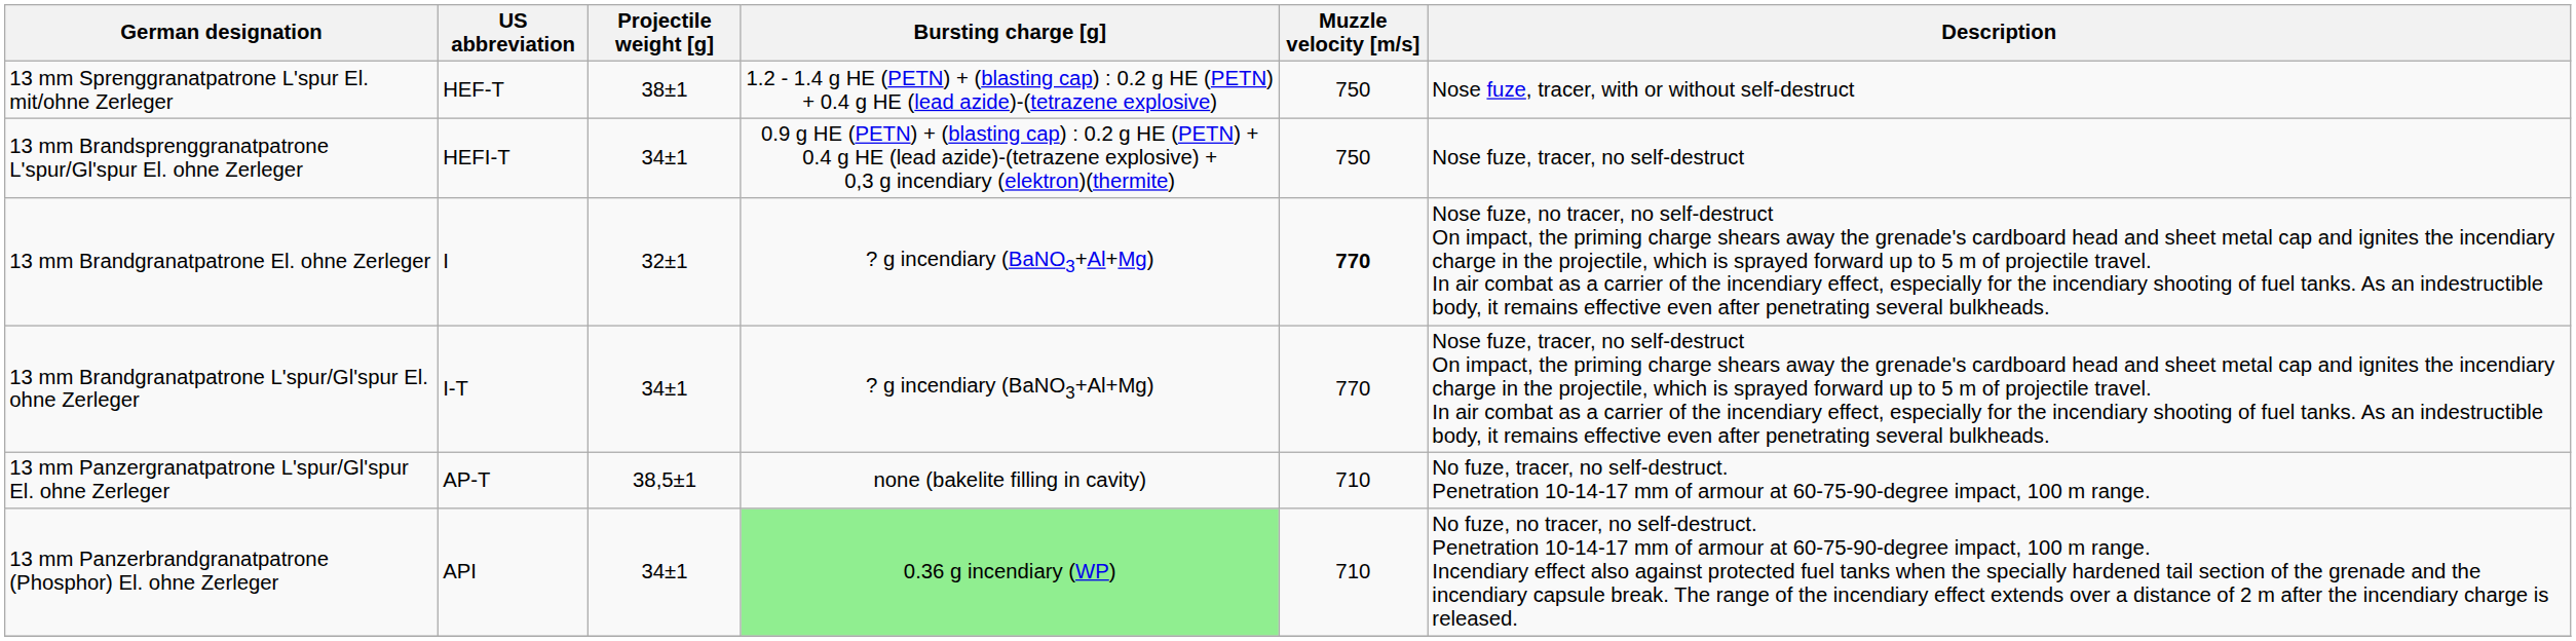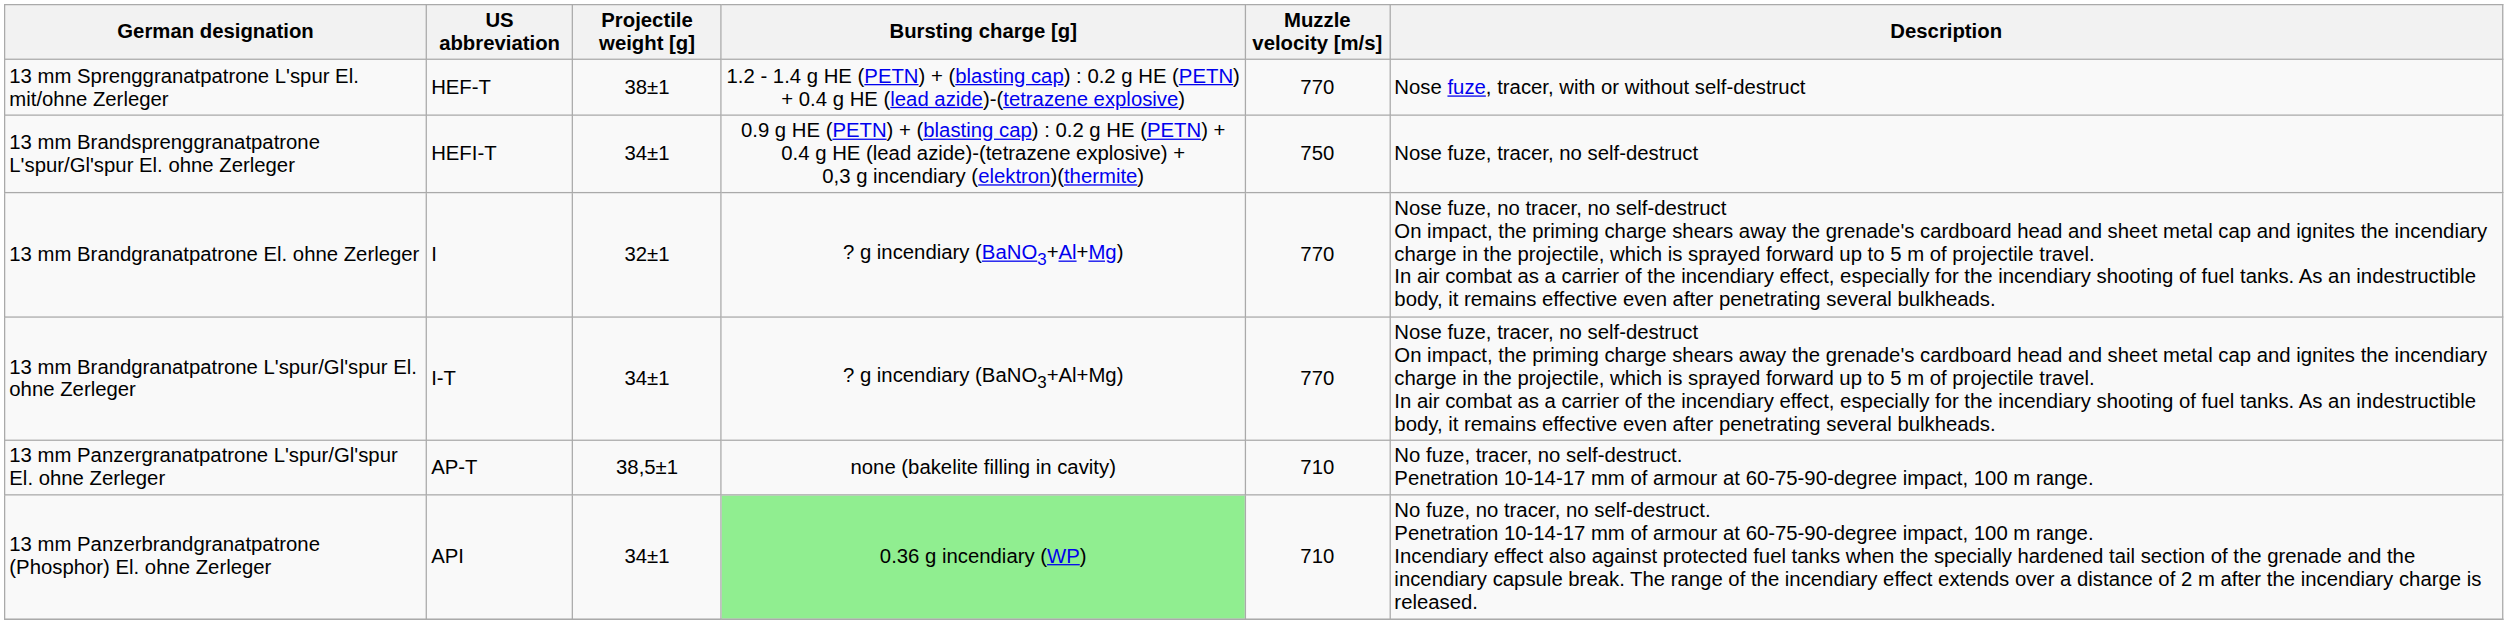 <table class="wikitable">
 <tr ---->
 <th><span>German designation</span></th>
 <th><span>US abbreviation</span></th>
 <th><span>Projectile weight [g]</span></th>
 <th><span>Bursting charge [g]</span></th>
 <th><span>Muzzle velocity [m/s]</span></th>
 <th><span>Description</span></th>
 </tr>
 <tr ---->
 <td>13 mm Sprenggranatpatrone L'spur El. mit/ohne Zerleger</td>
 <td>HEF-T</td>
 <td align="center">38±1</td>
 <td align="center">1.2 - 1.4 g HE (<a href='#'>PETN</a>) + (<a href='#'>blasting cap</a>) : 0.2 g HE (<a href='#'>PETN</a>) + 0.4 g HE (<a href='#'>lead azide</a>)-(<a href='#'>tetrazene explosive</a>)</td>
-<td align="center">750</td>
+<td align="center">770</td>
 <td>Nose <a href='#'>fuze</a>, tracer, with or without self-destruct</td>
 </tr>
 <tr ---->
 <td>13 mm Brandsprenggranatpatrone L'spur/Gl'spur El. ohne Zerleger</td>
 <td>HEFI-T</td>
 <td align="center">34±1</td>
 <td align="center">0.9 g HE (<a href='#'>PETN</a>) + (<a href='#'>blasting cap</a>) : 0.2 g HE (<a href='#'>PETN</a>) + 0.4 g HE (lead azide)-(tetrazene explosive) + <br>0,3 g incendiary (<a href='#'>elektron</a>)(<a href='#'>thermite</a>)</td>
 <td align="center">750</td>
 <td>Nose fuze, tracer, no self-destruct</td>
 </tr>
 <tr ---->
 <td>13 mm Brandgranatpatrone El. ohne Zerleger</td>
 <td>I</td>
 <td align="center">32±1</td>
 <td align="center">? g incendiary (<a href='#'>BaNO<sub>3</sub></a>+<a href='#'>Al</a>+<a href='#'>Mg</a>)</td>
-<td align="center"><strong>770</strong></td>
+<td align="center">770</td>
 <td>Nose fuze, no tracer, no self-destruct<br>On impact, the priming charge shears away the grenade's cardboard head and sheet metal cap and ignites the incendiary charge in the projectile, which is sprayed forward up to 5 m of projectile travel. <br>In air combat as a carrier of the incendiary effect, especially for the incendiary shooting of fuel tanks. As an indestructible body, it remains effective even after penetrating several bulkheads.</td>
 </tr>
 <tr ---->
 <td>13 mm Brandgranatpatrone L'spur/Gl'spur El. ohne Zerleger</td>
 <td>I-T</td>
 <td align="center">34±1</td>
 <td align="center">? g incendiary (BaNO<sub>3</sub>+Al+Mg)</td>
 <td align="center">770</td>
 <td>Nose fuze, tracer, no self-destruct<br>On impact, the priming charge shears away the grenade's cardboard head and sheet metal cap and ignites the incendiary charge in the projectile, which is sprayed forward up to 5 m of projectile travel. <br>In air combat as a carrier of the incendiary effect, especially for the incendiary shooting of fuel tanks. As an indestructible body, it remains effective even after penetrating several bulkheads.</td>
 </tr>
 <tr ---->
 <td>13 mm Panzergranatpatrone L'spur/Gl'spur El. ohne Zerleger</td>
 <td>AP-T</td>
 <td align="center">38,5±1</td>
 <td align="center">none (bakelite filling in cavity)</td>
 <td align="center">710</td>
 <td>No fuze, tracer, no self-destruct.<br>Penetration 10-14-17 mm of armour at 60-75-90-degree impact, 100 m range.</td>
 </tr>
 <tr ---->
 <td>13 mm Panzerbrandgranatpatrone (Phosphor) El. ohne Zerleger</td>
 <td>API</td>
 <td align="center">34±1</td>
 <td align="center" style="background: lightgreen;">0.36 g incendiary (<a href='#'>WP</a>)</td>
 <td align="center">710</td>
 <td>No fuze, no tracer, no self-destruct.<br>Penetration 10-14-17 mm of armour at 60-75-90-degree impact, 100 m range.<br>Incendiary effect also against protected fuel tanks when the specially hardened tail section of the grenade and the incendiary capsule break. The range of the incendiary effect extends over a distance of 2 m after the incendiary charge is released.</td>
 </tr>
 <tr ---->
 </tr>
 </table>
